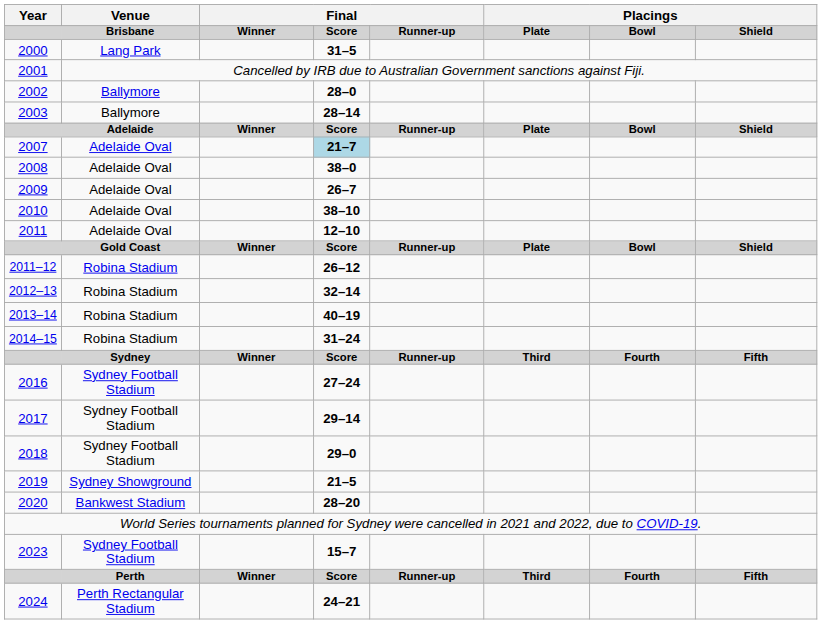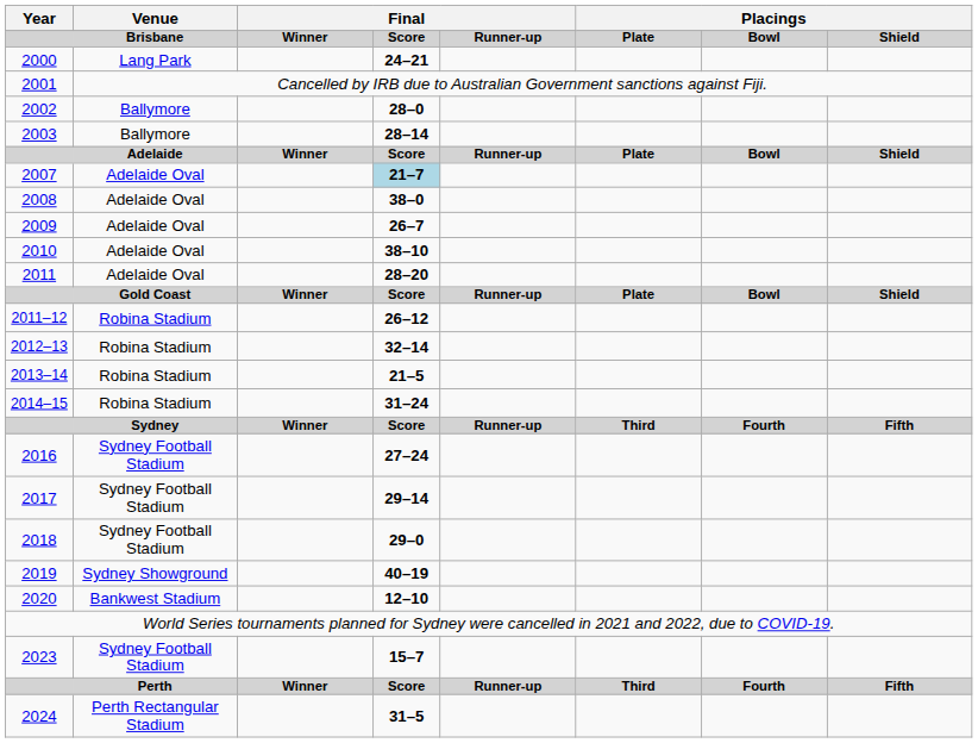 <table class="wikitable" style="font-size:90%; width: 100%; text-align: center;">
 <tr>
 <th>Year</th>
 <th>Venue</th>
 <th colspan=3>Final</th>
 <th colspan=3>Placings</th>
 </tr>
 <tr bgcolor=lightgrey style="line-height:9px; font-size:85%; padding:0px;">
 <td style="width:7%; border-right:0;"></td>
 <td style="border-left:0;"><strong>Brisbane</strong></td>
 <td style="width:14%; font-weight:bold;">Winner</td>
 <td style="width:7%; font-weight:bold;">Score</td>
 <td style="width:14%; font-weight:bold;">Runner-up</td>
 <td style="width:13%; font-weight:bold;">Plate</td>
 <td style="width:13%; font-weight:bold;">Bowl</td>
 <td style="width:15%; font-weight:bold;">Shield</td>
 </tr>
 <tr>
 <td><a href='#'>2000</a></td>
 <td><a href='#'>Lang Park</a></td>
 <td><strong></strong></td>
-<td><strong>31–5</strong></td>
+<td><strong>24–21</strong></td>
 <td></td>
 <td></td>
 <td></td>
 <td></td>
 </tr>
 <tr>
 <td><a href='#'>2001</a></td>
 <td colspan="7"><em>Cancelled by IRB due to Australian Government sanctions against Fiji.</em></td>
 </tr>
 <tr>
 <td><a href='#'>2002</a></td>
 <td><a href='#'>Ballymore</a></td>
 <td><strong></strong></td>
 <td><strong>28–0</strong></td>
 <td></td>
 <td></td>
 <td></td>
 <td></td>
 </tr>
 <tr>
 <td><a href='#'>2003</a></td>
 <td>Ballymore</td>
 <td><strong></strong></td>
 <td><strong>28–14</strong></td>
 <td></td>
 <td></td>
 <td></td>
 <td></td>
 </tr>
 <tr bgcolor=lightgrey style="line-height:9px; font-size:85%; padding:0px;">
 <td style="border-right:0px;"></td>
 <td style="border-left:0px;"><strong>Adelaide</strong></td>
 <td><strong>Winner</strong></td>
 <td><strong>Score</strong></td>
 <td><strong>Runner-up</strong></td>
 <td><strong>Plate</strong></td>
 <td><strong>Bowl</strong></td>
 <td><strong>Shield</strong></td>
 </tr>
 <tr>
 <td><a href='#'>2007</a></td>
 <td><a href='#'>Adelaide Oval</a></td>
 <td><strong></strong></td>
 <td style="background: lightblue;"><strong>21–7</strong></td>
 <td></td>
 <td></td>
 <td></td>
 <td></td>
 </tr>
 <tr>
 <td><a href='#'>2008</a></td>
 <td>Adelaide Oval</td>
 <td><strong></strong></td>
 <td><strong>38–0</strong></td>
 <td></td>
 <td></td>
 <td></td>
 <td></td>
 </tr>
 <tr>
 <td><a href='#'>2009</a></td>
 <td>Adelaide Oval</td>
 <td><strong></strong></td>
 <td><strong>26–7</strong></td>
 <td></td>
 <td></td>
 <td></td>
 <td></td>
 </tr>
 <tr>
 <td><a href='#'>2010</a></td>
 <td>Adelaide Oval</td>
 <td><strong></strong></td>
 <td><strong>38–10</strong></td>
 <td></td>
 <td></td>
 <td></td>
 <td></td>
 </tr>
 <tr>
 <td><a href='#'>2011</a></td>
 <td>Adelaide Oval</td>
 <td><strong></strong></td>
-<td><strong>12–10</strong></td>
+<td><strong>28–20</strong></td>
 <td></td>
 <td></td>
 <td></td>
 <td></td>
 </tr>
 <tr bgcolor=lightgrey style="line-height:9px; font-size:85%; padding:0px;">
 <td style="border-right:0px;"></td>
 <td style="border-left:0px;"><strong>Gold Coast</strong></td>
 <td><strong>Winner</strong></td>
 <td><strong>Score</strong></td>
 <td><strong>Runner-up</strong></td>
 <td><strong>Plate</strong></td>
 <td><strong>Bowl</strong></td>
 <td><strong>Shield</strong></td>
 </tr>
 <tr>
 <td style="padding:5px 0px; font-size:93%;"><a href='#'>2011–12</a></td>
 <td><a href='#'>Robina Stadium</a></td>
 <td><strong></strong></td>
 <td><strong>26–12</strong></td>
 <td></td>
 <td></td>
 <td></td>
 <td style="padding:5px 2px; font-size:97%;"></td>
 </tr>
 <tr>
 <td style="padding:5px 2px; font-size:93%;"><a href='#'>2012–13</a></td>
 <td>Robina Stadium</td>
 <td><strong></strong></td>
 <td><strong>32–14</strong></td>
 <td></td>
 <td></td>
 <td></td>
 <td></td>
 </tr>
 <tr>
 <td style="padding:5px 2px; font-size:93%;"><a href='#'>2013–14</a></td>
 <td>Robina Stadium</td>
 <td><strong></strong></td>
-<td><strong>40–19</strong></td>
+<td><strong>21–5</strong></td>
 <td></td>
 <td></td>
 <td></td>
 <td></td>
 </tr>
 <tr>
 <td style="padding:5px 2px; font-size:93%;"><a href='#'>2014–15</a></td>
 <td>Robina Stadium</td>
 <td><strong></strong></td>
 <td><strong>31–24</strong></td>
 <td></td>
 <td></td>
 <td></td>
 <td></td>
 </tr>
 <tr bgcolor=lightgrey style="line-height:9px; font-size:85%; padding:0px;">
 <td style="border-right:0px;"></td>
 <td style="border-left:0px;"><strong>Sydney</strong></td>
 <td><strong>Winner</strong></td>
 <td><strong>Score</strong></td>
 <td><strong>Runner-up</strong></td>
 <td><strong>Third</strong></td>
 <td><strong>Fourth</strong></td>
 <td><strong>Fifth</strong></td>
 </tr>
 <tr>
 <td><a href='#'>2016</a></td>
 <td><a href='#'>Sydney Football Stadium</a></td>
 <td><strong></strong></td>
 <td><strong>27–24</strong></td>
 <td></td>
 <td></td>
 <td></td>
 <td></td>
 </tr>
 <tr>
 <td><a href='#'>2017</a></td>
 <td>Sydney Football Stadium</td>
 <td><strong></strong></td>
 <td><strong>29–14</strong></td>
 <td></td>
 <td></td>
 <td></td>
 <td></td>
 </tr>
 <tr>
 <td><a href='#'>2018</a></td>
 <td>Sydney Football Stadium</td>
 <td><strong></strong></td>
 <td><strong>29–0</strong></td>
 <td></td>
 <td></td>
 <td></td>
 <td></td>
 </tr>
 <tr>
 <td><a href='#'>2019</a></td>
 <td><a href='#'>Sydney Showground</a></td>
 <td><strong></strong></td>
-<td><strong>21–5</strong></td>
+<td><strong>40–19</strong></td>
 <td></td>
 <td></td>
 <td></td>
 <td></td>
 </tr>
 <tr>
 <td><a href='#'>2020</a></td>
 <td><a href='#'>Bankwest Stadium</a></td>
 <td><strong></strong></td>
-<td><strong>28–20</strong></td>
+<td><strong>12–10</strong></td>
 <td></td>
 <td></td>
 <td></td>
 <td></td>
 </tr>
 <tr>
 <td colspan=100%><em>World Series tournaments planned for Sydney were cancelled in 2021 and 2022, due to <a href='#'>COVID-19</a>.</em></td>
 </tr>
 <tr>
 <td><a href='#'>2023</a></td>
 <td><a href='#'>Sydney Football Stadium</a></td>
 <td><strong></strong></td>
 <td><strong>15–7</strong></td>
 <td></td>
 <td></td>
 <td></td>
 <td></td>
 </tr>
 <tr bgcolor=lightgrey style="line-height:9px; font-size:85%; padding:0px;">
 <td style="border-right:0px;"></td>
 <td style="border-left:0px;"><strong>Perth</strong></td>
 <td><strong>Winner</strong></td>
 <td><strong>Score</strong></td>
 <td><strong>Runner-up</strong></td>
 <td><strong>Third</strong></td>
 <td><strong>Fourth</strong></td>
 <td><strong>Fifth</strong></td>
 </tr>
 <tr>
 <td><a href='#'>2024</a></td>
 <td><a href='#'>Perth Rectangular Stadium</a></td>
 <td><strong></strong></td>
-<td><strong>24–21</strong></td>
+<td><strong>31–5</strong></td>
 <td></td>
 <td></td>
 <td></td>
 <td></td>
 </tr>
 </table>
